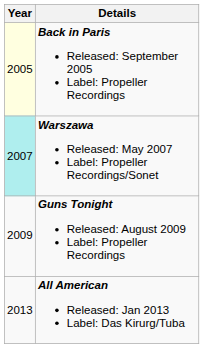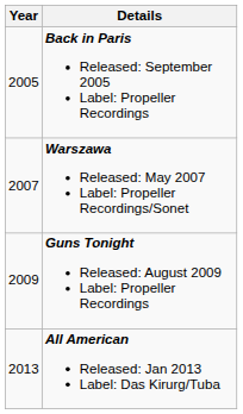 <table class="wikitable">
 <tr>
 <th>Year</th>
 <th style="width:220px;">Details</th>
 </tr>
 <tr>
-<td style="background: lightyellow;">2005</td>
+<td>2005</td>
 <td><strong><em>Back in Paris</em></strong><br><ul><li>Released: September 2005</li><li>Label: Propeller Recordings</li></ul></td>
 </tr>
 <tr>
-<td style="background: paleturquoise;">2007</td>
+<td>2007</td>
 <td><strong><em>Warszawa</em></strong><br><ul><li>Released: May 2007</li><li>Label: Propeller Recordings/Sonet</li></ul></td>
 </tr>
 <tr>
 <td>2009</td>
 <td><strong><em>Guns Tonight</em></strong><br><ul><li>Released: August 2009</li><li>Label: Propeller Recordings</li></ul></td>
 </tr>
 <tr>
 <td>2013</td>
 <td><strong><em>All American</em></strong><br><ul><li>Released: Jan 2013</li><li>Label: Das Kirurg/Tuba</li></ul></td>
 </tr>
 </table>
